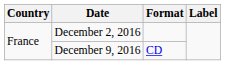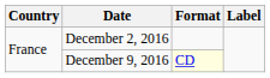 <table class="wikitable">
 <tr>
 <th>Country</th>
 <th>Date</th>
 <th>Format</th>
 <th>Label</th>
 </tr>
 <tr>
 <td rowspan="2">France</td>
 <td>December 2, 2016</td>
 <td></td>
 <td rowspan="2"></td>
 </tr>
 <tr>
 <td>December 9, 2016</td>
-<td><a href='#'>CD</a></td>
+<td style="background: lightyellow;"><a href='#'>CD</a></td>
 </tr>
 </table>
